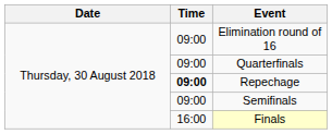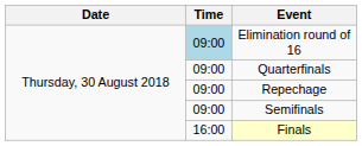 <table class = "wikitable" style="text-align:center;">
 <tr>
 <th width=220>Date</th>
 <th width=50>Time</th>
 <th width=150>Event</th>
 </tr>
 <tr>
 <td rowspan=5>Thursday, 30 August 2018</td>
-<td>09:00</td>
+<td style="background: lightblue;">09:00</td>
 <td>Elimination round of 16</td>
 </tr>
 <tr>
 <td>09:00</td>
 <td>Quarterfinals</td>
 </tr>
 <tr>
-<td><strong>09:00</strong></td>
+<td>09:00</td>
 <td>Repechage</td>
 </tr>
 <tr>
 <td>09:00</td>
 <td>Semifinals</td>
 </tr>
 <tr>
 <td>16:00</td>
 <td bgcolor=ffffcc>Finals</td>
 </tr>
 </table>
